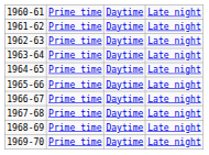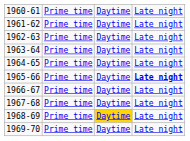 <table class="wikitable" border="1">
 <tr>
 <td>1960-61</td>
 <td><a href='#'>Prime time</a></td>
 <td><a href='#'>Daytime</a></td>
 <td><a href='#'>Late night</a></td>
 </tr>
 <tr>
 <td>1961-62</td>
 <td><a href='#'>Prime time</a></td>
 <td><a href='#'>Daytime</a></td>
 <td><a href='#'>Late night</a></td>
 </tr>
 <tr>
 <td>1962-63</td>
 <td><a href='#'>Prime time</a></td>
 <td><a href='#'>Daytime</a></td>
 <td><a href='#'>Late night</a></td>
 </tr>
 <tr>
 <td>1963-64</td>
 <td><a href='#'>Prime time</a></td>
 <td><a href='#'>Daytime</a></td>
 <td><a href='#'>Late night</a></td>
 </tr>
 <tr>
 <td>1964-65</td>
 <td><a href='#'>Prime time</a></td>
 <td><a href='#'>Daytime</a></td>
 <td><a href='#'>Late night</a></td>
 </tr>
 <tr>
 <td>1965-66</td>
 <td><a href='#'>Prime time</a></td>
 <td><a href='#'>Daytime</a></td>
-<td><a href='#'>Late night</a></td>
+<td><strong><a href='#'>Late night</a></strong></td>
 </tr>
 <tr>
 <td>1966-67</td>
 <td><a href='#'>Prime time</a></td>
 <td><a href='#'>Daytime</a></td>
 <td><a href='#'>Late night</a></td>
 </tr>
 <tr>
 <td>1967-68</td>
 <td><a href='#'>Prime time</a></td>
 <td><a href='#'>Daytime</a></td>
 <td><a href='#'>Late night</a></td>
 </tr>
 <tr>
 <td>1968-69</td>
 <td><a href='#'>Prime time</a></td>
-<td><a href='#'>Daytime</a></td>
+<td style="background: gold;"><a href='#'>Daytime</a></td>
 <td><a href='#'>Late night</a></td>
 </tr>
 <tr>
 <td>1969-70</td>
 <td><a href='#'>Prime time</a></td>
 <td><a href='#'>Daytime</a></td>
 <td><a href='#'>Late night</a></td>
 </tr>
 </table>
